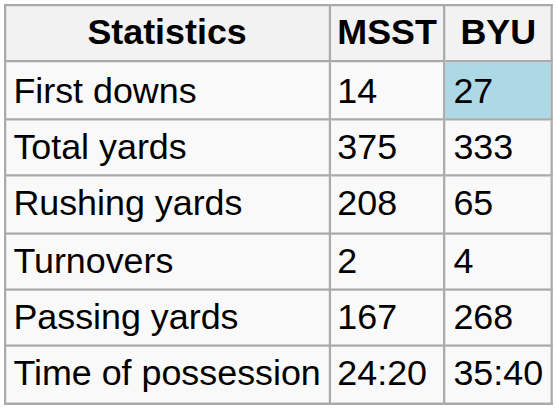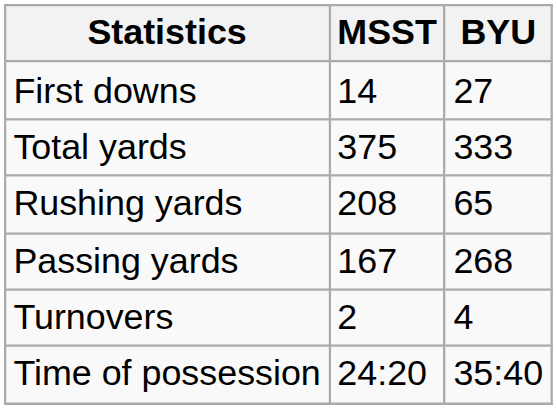 <table class="wikitable">
 <tr>
 <th>Statistics</th>
 <th>MSST</th>
 <th>BYU</th>
 </tr>
 <tr>
 <td>First downs</td>
 <td>14</td>
-<td style="background: lightblue;">27</td>
+<td>27</td>
 </tr>
 <tr>
 <td>Total yards</td>
 <td>375</td>
 <td>333</td>
 </tr>
 <tr>
 <td>Rushing yards</td>
 <td>208</td>
 <td>65</td>
 </tr>
 <tr>
+<td>Passing yards</td>
+<td>167</td>
+<td>268</td>
+</tr>
+<tr>
 <td>Turnovers</td>
 <td>2</td>
 <td>4</td>
-</tr>
-<tr>
-<td>Passing yards</td>
-<td>167</td>
-<td>268</td>
 </tr>
 <tr>
 <td>Time of possession</td>
 <td>24:20</td>
 <td>35:40</td>
 </tr>
 <tr>
 </tr>
 </table>
